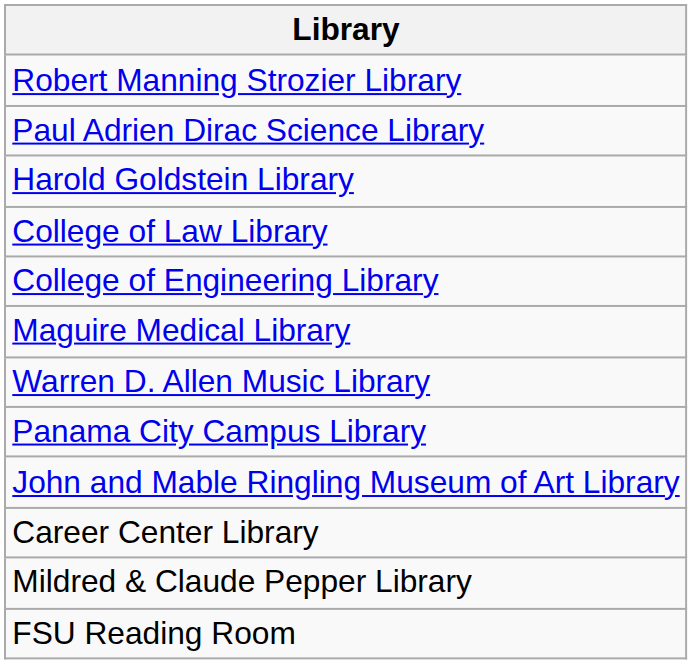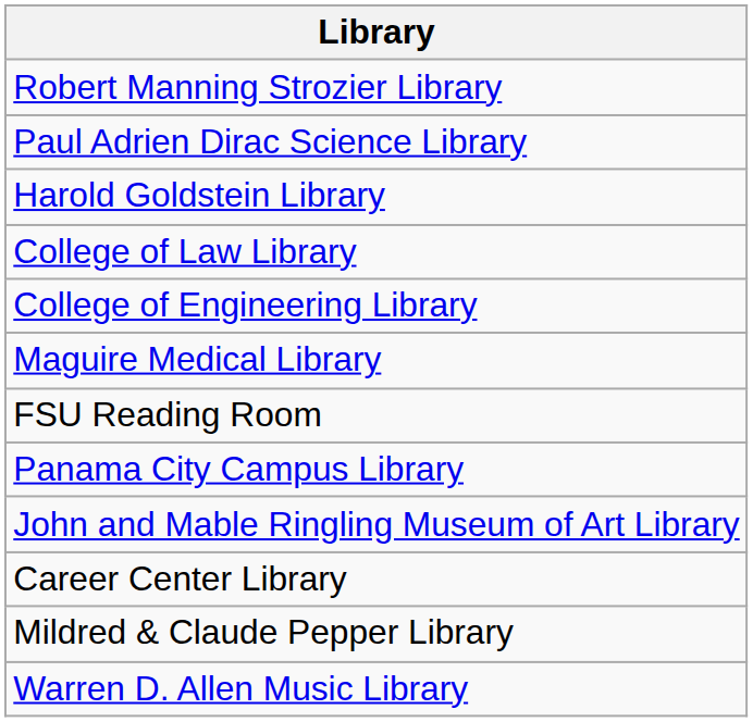 <table class="wikitable sortable">
 <tr>
 <th>Library</th>
 </tr>
 <tr valign="top">
 <td><a href='#'>Robert Manning Strozier Library</a></td>
 </tr>
 <tr valign="top">
 <td><a href='#'>Paul Adrien Dirac Science Library</a></td>
 </tr>
 <tr valign="top">
 <td><a href='#'>Harold Goldstein Library</a></td>
 </tr>
 <tr valign="top">
 <td><a href='#'>College of Law Library</a></td>
 </tr>
 <tr valign="top">
 <td><a href='#'>College of Engineering Library</a></td>
 </tr>
 <tr valign="top">
 <td><a href='#'>Maguire Medical Library</a></td>
 </tr>
 <tr valign="top">
-<td><a href='#'>Warren D. Allen Music Library</a></td>
+<td>FSU Reading Room</td>
 </tr>
 <tr valign="top">
 <td><a href='#'>Panama City Campus Library</a></td>
 </tr>
 <tr valign="top">
 <td><a href='#'>John and Mable Ringling Museum of Art Library</a></td>
 </tr>
 <tr valign="top">
 <td>Career Center Library</td>
 </tr>
 <tr valign="top">
 <td>Mildred & Claude Pepper Library</td>
 </tr>
 <tr valign="top">
-<td>FSU Reading Room</td>
+<td><a href='#'>Warren D. Allen Music Library</a></td>
 </tr>
 </table>
